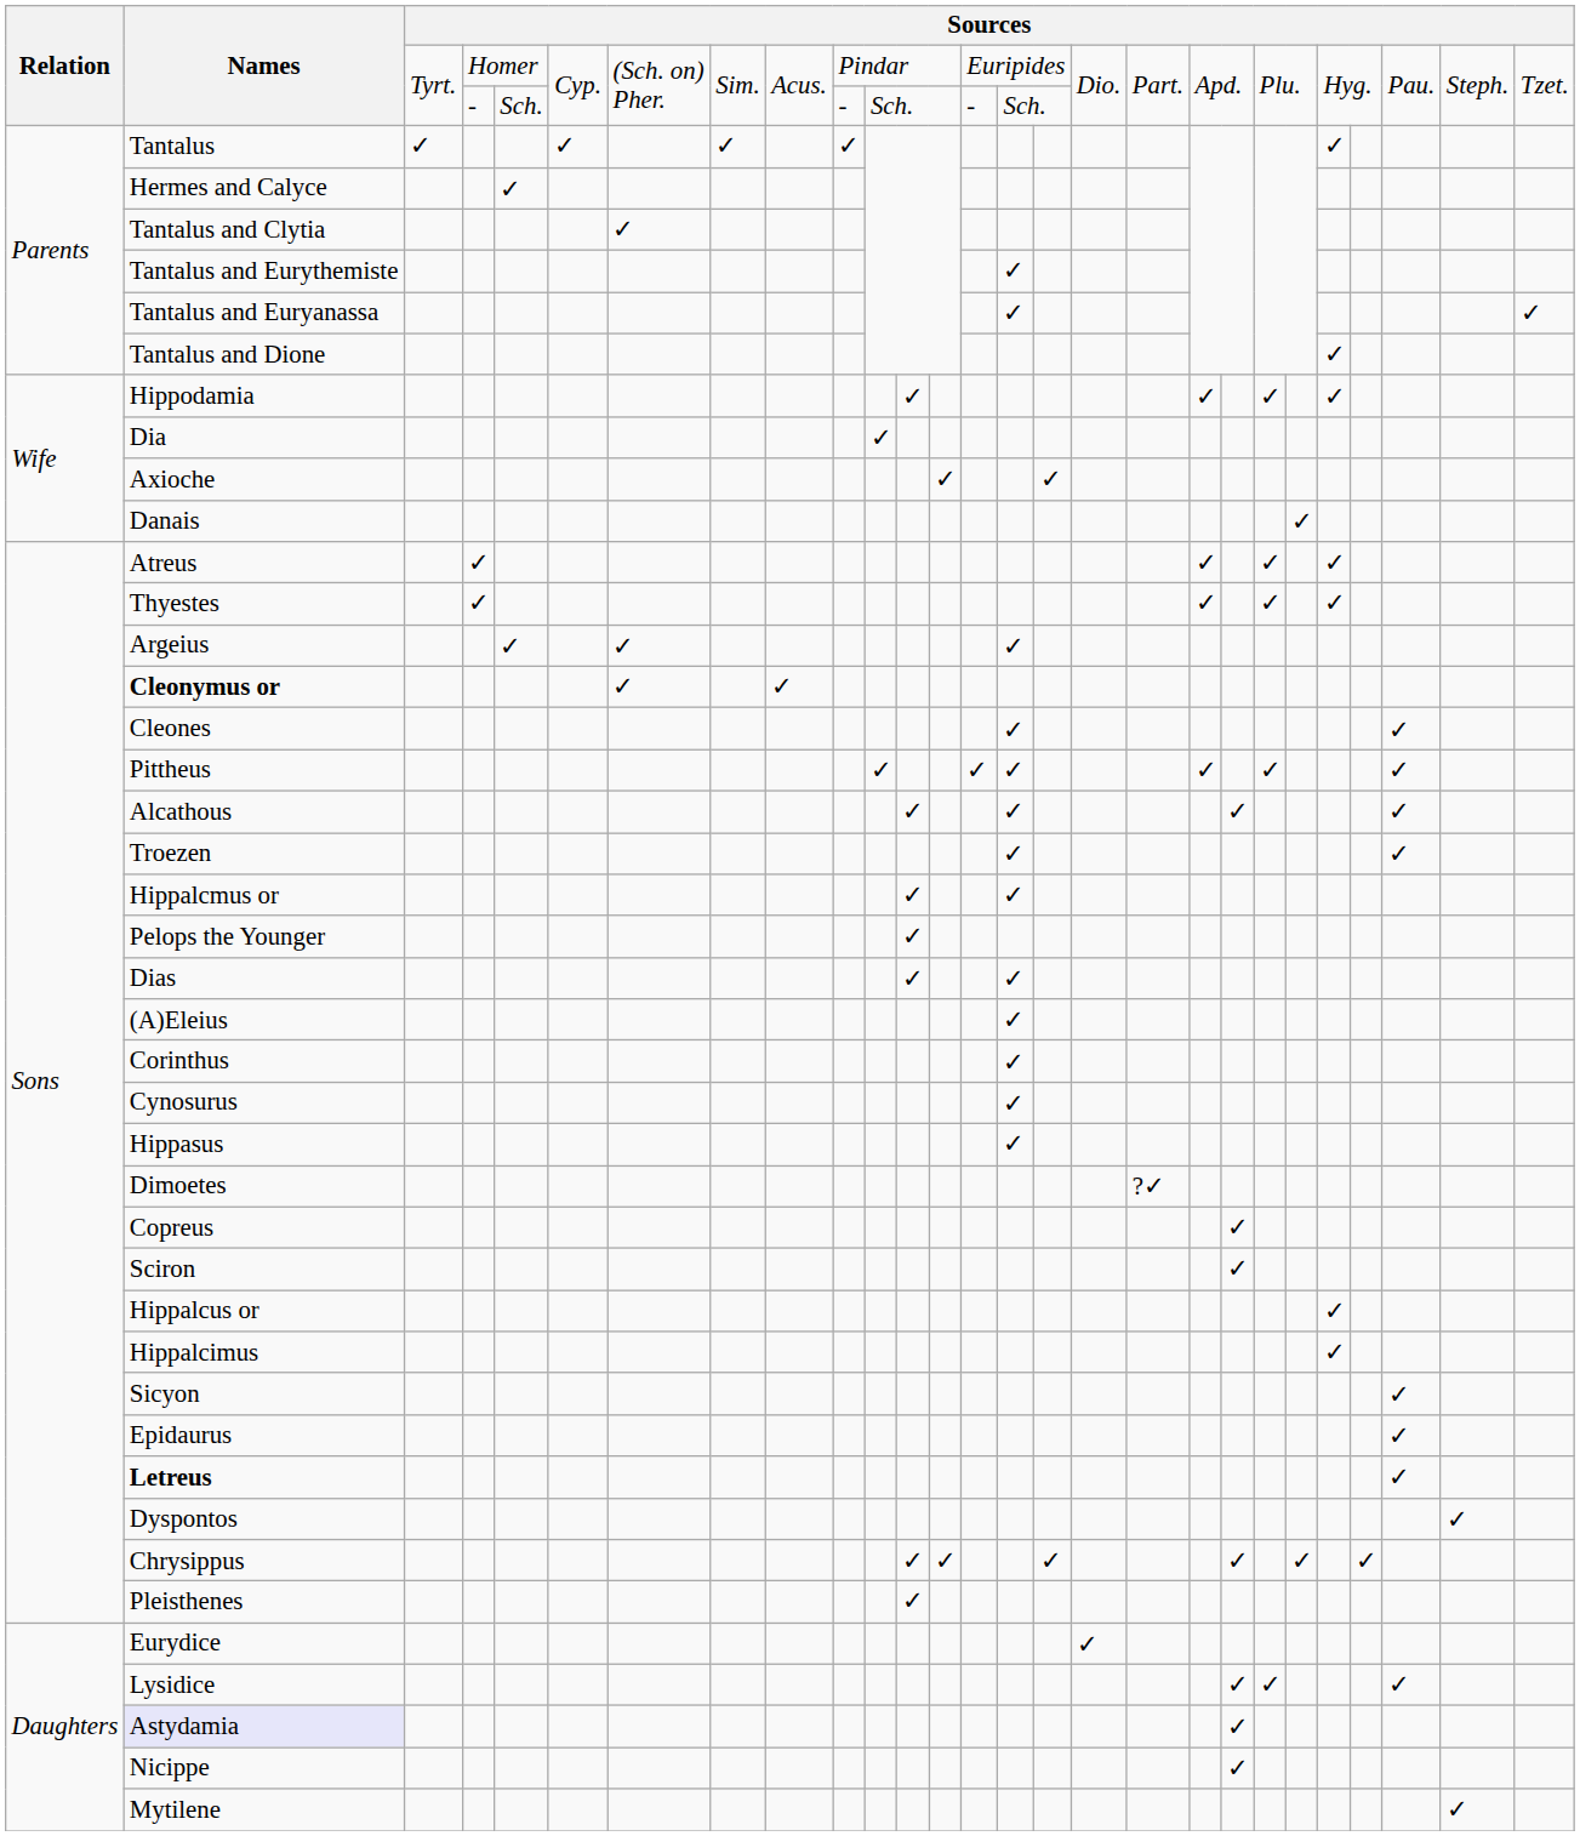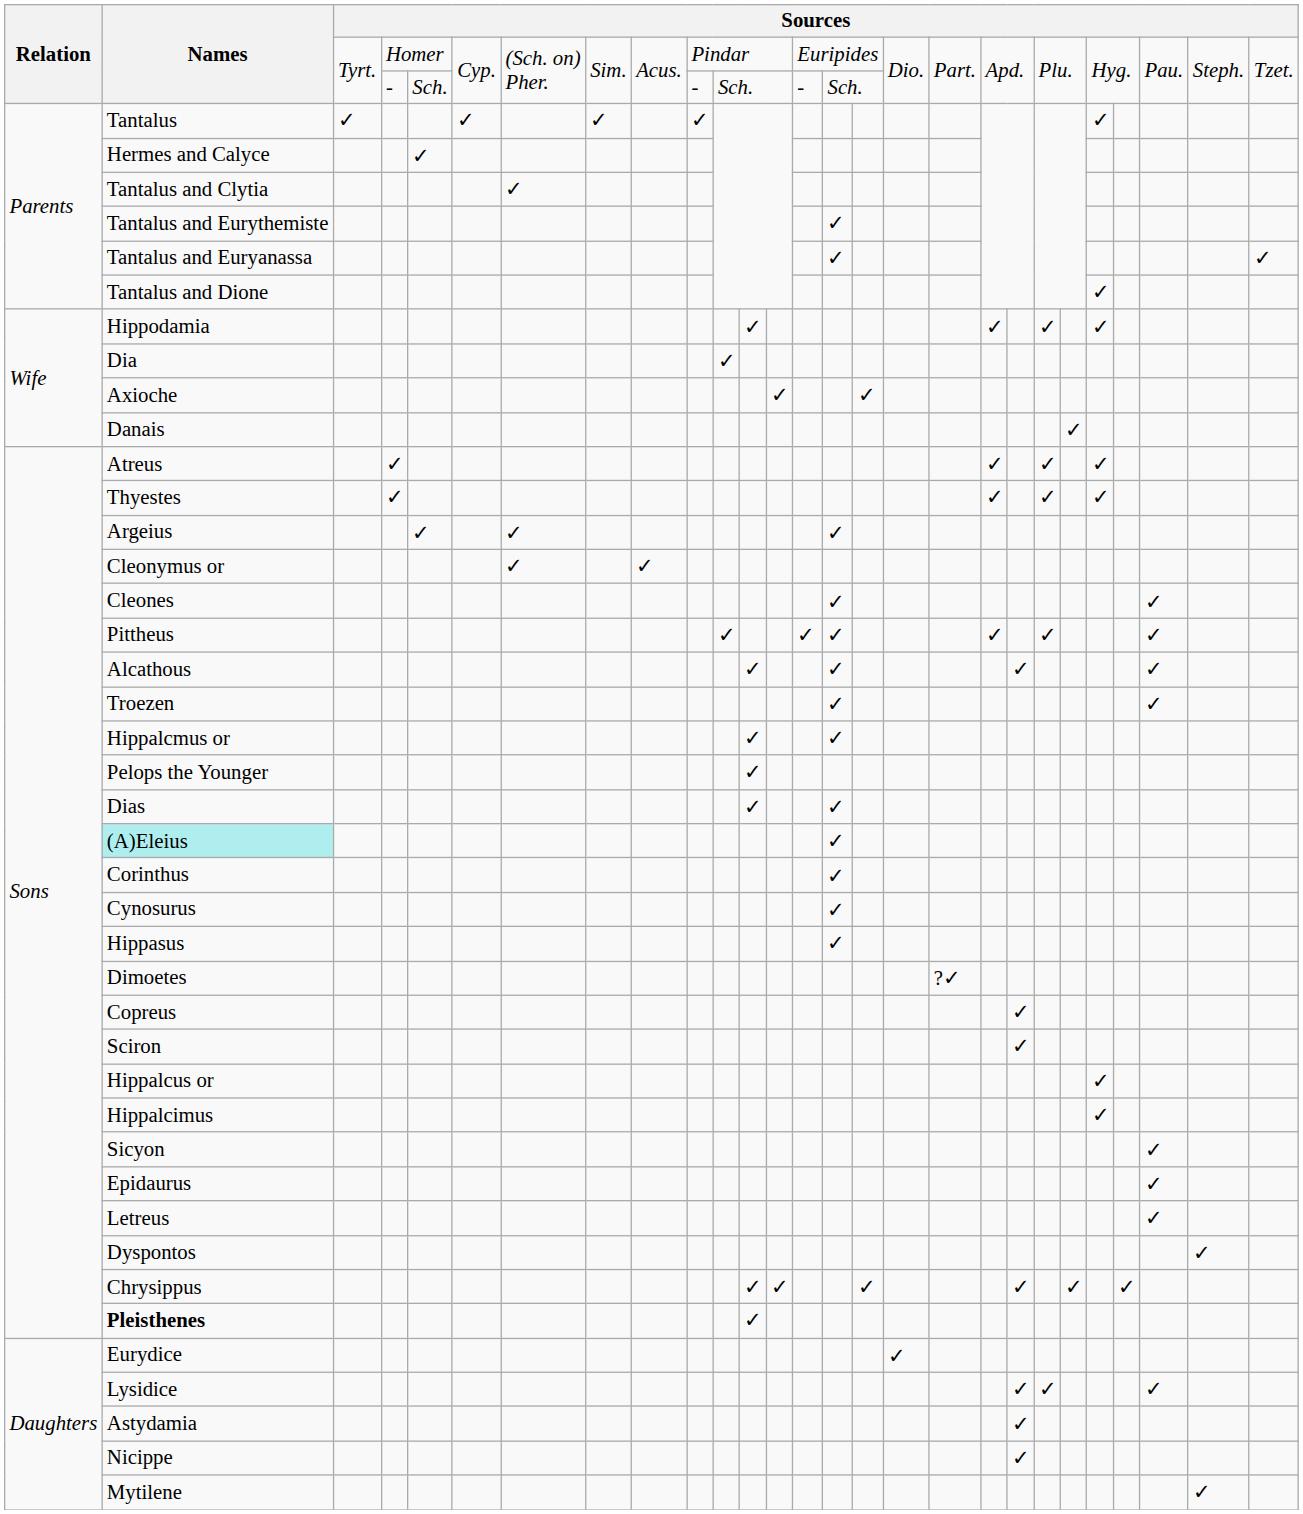 <table class="wikitable">
 <tr>
 <th rowspan="3"><strong>Relation</strong></th>
 <th rowspan="3">Names</th>
 <th colspan="25">Sources</th>
 </tr>
 <tr>
 <td rowspan="2"><em>Tyrt.</em></td>
 <td colspan="2"><em>Homer</em></td>
 <td rowspan="2"><em>Cyp.</em></td>
 <td rowspan="2"><em>(Sch. on)</em><br><em>Pher.</em></td>
 <td rowspan="2"><em>Sim.</em></td>
 <td rowspan="2"><em>Acus.</em></td>
 <td colspan="4"><em>Pindar</em></td>
 <td colspan="3"><em>Euripides</em></td>
 <td rowspan="2"><em>Dio.</em></td>
 <td rowspan="2"><em>Part.</em></td>
 <td colspan="2" rowspan="2"><em>Apd.</em></td>
 <td colspan="2" rowspan="2"><em>Plu.</em></td>
 <td colspan="2" rowspan="2"><em>Hyg.</em></td>
 <td rowspan="2"><em>Pau.</em></td>
 <td rowspan="2"><em>Steph.</em></td>
 <td rowspan="2"><em>Tzet.</em></td>
 </tr>
 <tr>
 <td><em>-</em></td>
 <td><em>Sch.</em></td>
 <td><em>-</em></td>
 <td colspan="3"><em>Sch.</em></td>
 <td><em>-</em></td>
 <td colspan="2"><em>Sch.</em></td>
 </tr>
 <tr>
 <td rowspan="6"><em>Parents</em></td>
 <td>Tantalus</td>
 <td>✓</td>
 <td></td>
 <td></td>
 <td>✓</td>
 <td></td>
 <td>✓</td>
 <td></td>
 <td>✓</td>
 <td colspan="3" rowspan="6"></td>
 <td></td>
 <td></td>
 <td></td>
 <td></td>
 <td></td>
 <td colspan="2" rowspan="6"></td>
 <td colspan="2" rowspan="6"></td>
 <td>✓</td>
 <td></td>
 <td></td>
 <td></td>
 <td></td>
 </tr>
 <tr>
 <td>Hermes and Calyce</td>
 <td></td>
 <td></td>
 <td>✓</td>
 <td></td>
 <td></td>
 <td></td>
 <td></td>
 <td></td>
 <td></td>
 <td></td>
 <td></td>
 <td></td>
 <td></td>
 <td></td>
 <td></td>
 <td></td>
 <td></td>
 <td></td>
 </tr>
 <tr>
 <td>Tantalus and Clytia</td>
 <td></td>
 <td></td>
 <td></td>
 <td></td>
 <td>✓</td>
 <td></td>
 <td></td>
 <td></td>
 <td></td>
 <td></td>
 <td></td>
 <td></td>
 <td></td>
 <td></td>
 <td></td>
 <td></td>
 <td></td>
 <td></td>
 </tr>
 <tr>
 <td>Tantalus and Eurythemiste</td>
 <td></td>
 <td></td>
 <td></td>
 <td></td>
 <td></td>
 <td></td>
 <td></td>
 <td></td>
 <td></td>
 <td>✓</td>
 <td></td>
 <td></td>
 <td></td>
 <td></td>
 <td></td>
 <td></td>
 <td></td>
 <td></td>
 </tr>
 <tr>
 <td>Tantalus and Euryanassa</td>
 <td></td>
 <td></td>
 <td></td>
 <td></td>
 <td></td>
 <td></td>
 <td></td>
 <td></td>
 <td></td>
 <td>✓</td>
 <td></td>
 <td></td>
 <td></td>
 <td></td>
 <td></td>
 <td></td>
 <td></td>
 <td>✓</td>
 </tr>
 <tr>
 <td>Tantalus and Dione</td>
 <td></td>
 <td></td>
 <td></td>
 <td></td>
 <td></td>
 <td></td>
 <td></td>
 <td></td>
 <td></td>
 <td></td>
 <td></td>
 <td></td>
 <td></td>
 <td>✓</td>
 <td></td>
 <td></td>
 <td></td>
 <td></td>
 </tr>
 <tr>
 <td rowspan="4"><em>Wife</em></td>
 <td>Hippodamia</td>
 <td></td>
 <td></td>
 <td></td>
 <td></td>
 <td></td>
 <td></td>
 <td></td>
 <td></td>
 <td></td>
 <td>✓</td>
 <td></td>
 <td></td>
 <td></td>
 <td></td>
 <td></td>
 <td></td>
 <td>✓</td>
 <td></td>
 <td>✓</td>
 <td></td>
 <td>✓</td>
 <td></td>
 <td></td>
 <td></td>
 <td></td>
 </tr>
 <tr>
 <td>Dia</td>
 <td></td>
 <td></td>
 <td></td>
 <td></td>
 <td></td>
 <td></td>
 <td></td>
 <td></td>
 <td>✓</td>
 <td></td>
 <td></td>
 <td></td>
 <td></td>
 <td></td>
 <td></td>
 <td></td>
 <td></td>
 <td></td>
 <td></td>
 <td></td>
 <td></td>
 <td></td>
 <td></td>
 <td></td>
 <td></td>
 </tr>
 <tr>
 <td>Axioche</td>
 <td></td>
 <td></td>
 <td></td>
 <td></td>
 <td></td>
 <td></td>
 <td></td>
 <td></td>
 <td></td>
 <td></td>
 <td>✓</td>
 <td></td>
 <td></td>
 <td>✓</td>
 <td></td>
 <td></td>
 <td></td>
 <td></td>
 <td></td>
 <td></td>
 <td></td>
 <td></td>
 <td></td>
 <td></td>
 <td></td>
 </tr>
 <tr>
 <td>Danais</td>
 <td></td>
 <td></td>
 <td></td>
 <td></td>
 <td></td>
 <td></td>
 <td></td>
 <td></td>
 <td></td>
 <td></td>
 <td></td>
 <td></td>
 <td></td>
 <td></td>
 <td></td>
 <td></td>
 <td></td>
 <td></td>
 <td></td>
 <td>✓</td>
 <td></td>
 <td></td>
 <td></td>
 <td></td>
 <td></td>
 </tr>
 <tr>
 <td rowspan="26"><em>Sons</em></td>
 <td>Atreus</td>
 <td></td>
 <td>✓</td>
 <td></td>
 <td></td>
 <td></td>
 <td></td>
 <td></td>
 <td></td>
 <td></td>
 <td></td>
 <td></td>
 <td></td>
 <td></td>
 <td></td>
 <td></td>
 <td></td>
 <td>✓</td>
 <td></td>
 <td>✓</td>
 <td></td>
 <td>✓</td>
 <td></td>
 <td></td>
 <td></td>
 <td></td>
 </tr>
 <tr>
 <td>Thyestes</td>
 <td></td>
 <td>✓</td>
 <td></td>
 <td></td>
 <td></td>
 <td></td>
 <td></td>
 <td></td>
 <td></td>
 <td></td>
 <td></td>
 <td></td>
 <td></td>
 <td></td>
 <td></td>
 <td></td>
 <td>✓</td>
 <td></td>
 <td>✓</td>
 <td></td>
 <td>✓</td>
 <td></td>
 <td></td>
 <td></td>
 <td></td>
 </tr>
 <tr>
 <td>Argeius</td>
 <td></td>
 <td></td>
 <td>✓</td>
 <td></td>
 <td>✓</td>
 <td></td>
 <td></td>
 <td></td>
 <td></td>
 <td></td>
 <td></td>
 <td></td>
 <td>✓</td>
 <td></td>
 <td></td>
 <td></td>
 <td></td>
 <td></td>
 <td></td>
 <td></td>
 <td></td>
 <td></td>
 <td></td>
 <td></td>
 <td></td>
 </tr>
 <tr>
-<td><strong>Cleonymus or</strong></td>
+<td>Cleonymus or</td>
 <td></td>
 <td></td>
 <td></td>
 <td></td>
 <td>✓</td>
 <td></td>
 <td>✓</td>
 <td></td>
 <td></td>
 <td></td>
 <td></td>
 <td></td>
 <td></td>
 <td></td>
 <td></td>
 <td></td>
 <td></td>
 <td></td>
 <td></td>
 <td></td>
 <td></td>
 <td></td>
 <td></td>
 <td></td>
 <td></td>
 </tr>
 <tr>
 <td>Cleones</td>
 <td></td>
 <td></td>
 <td></td>
 <td></td>
 <td></td>
 <td></td>
 <td></td>
 <td></td>
 <td></td>
 <td></td>
 <td></td>
 <td></td>
 <td>✓</td>
 <td></td>
 <td></td>
 <td></td>
 <td></td>
 <td></td>
 <td></td>
 <td></td>
 <td></td>
 <td></td>
 <td>✓</td>
 <td></td>
 <td></td>
 </tr>
 <tr>
 <td>Pittheus</td>
 <td></td>
 <td></td>
 <td></td>
 <td></td>
 <td></td>
 <td></td>
 <td></td>
 <td></td>
 <td>✓</td>
 <td></td>
 <td></td>
 <td>✓</td>
 <td>✓</td>
 <td></td>
 <td></td>
 <td></td>
 <td>✓</td>
 <td></td>
 <td>✓</td>
 <td></td>
 <td></td>
 <td></td>
 <td>✓</td>
 <td></td>
 <td></td>
 </tr>
 <tr>
 <td>Alcathous</td>
 <td></td>
 <td></td>
 <td></td>
 <td></td>
 <td></td>
 <td></td>
 <td></td>
 <td></td>
 <td></td>
 <td>✓</td>
 <td></td>
 <td></td>
 <td>✓</td>
 <td></td>
 <td></td>
 <td></td>
 <td></td>
 <td>✓</td>
 <td></td>
 <td></td>
 <td></td>
 <td></td>
 <td>✓</td>
 <td></td>
 <td></td>
 </tr>
 <tr>
 <td>Troezen</td>
 <td></td>
 <td></td>
 <td></td>
 <td></td>
 <td></td>
 <td></td>
 <td></td>
 <td></td>
 <td></td>
 <td></td>
 <td></td>
 <td></td>
 <td>✓</td>
 <td></td>
 <td></td>
 <td></td>
 <td></td>
 <td></td>
 <td></td>
 <td></td>
 <td></td>
 <td></td>
 <td>✓</td>
 <td></td>
 <td></td>
 </tr>
 <tr>
 <td>Hippalcmus or</td>
 <td></td>
 <td></td>
 <td></td>
 <td></td>
 <td></td>
 <td></td>
 <td></td>
 <td></td>
 <td></td>
 <td>✓</td>
 <td></td>
 <td></td>
 <td>✓</td>
 <td></td>
 <td></td>
 <td></td>
 <td></td>
 <td></td>
 <td></td>
 <td></td>
 <td></td>
 <td></td>
 <td></td>
 <td></td>
 <td></td>
 </tr>
 <tr>
 <td>Pelops the Younger</td>
 <td></td>
 <td></td>
 <td></td>
 <td></td>
 <td></td>
 <td></td>
 <td></td>
 <td></td>
 <td></td>
 <td>✓</td>
 <td></td>
 <td></td>
 <td></td>
 <td></td>
 <td></td>
 <td></td>
 <td></td>
 <td></td>
 <td></td>
 <td></td>
 <td></td>
 <td></td>
 <td></td>
 <td></td>
 <td></td>
 </tr>
 <tr>
 <td>Dias</td>
 <td></td>
 <td></td>
 <td></td>
 <td></td>
 <td></td>
 <td></td>
 <td></td>
 <td></td>
 <td></td>
 <td>✓</td>
 <td></td>
 <td></td>
 <td>✓</td>
 <td></td>
 <td></td>
 <td></td>
 <td></td>
 <td></td>
 <td></td>
 <td></td>
 <td></td>
 <td></td>
 <td></td>
 <td></td>
 <td></td>
 </tr>
 <tr>
-<td>(A)Eleius</td>
+<td style="background: paleturquoise;">(A)Eleius</td>
 <td></td>
 <td></td>
 <td></td>
 <td></td>
 <td></td>
 <td></td>
 <td></td>
 <td></td>
 <td></td>
 <td></td>
 <td></td>
 <td></td>
 <td>✓</td>
 <td></td>
 <td></td>
 <td></td>
 <td></td>
 <td></td>
 <td></td>
 <td></td>
 <td></td>
 <td></td>
 <td></td>
 <td></td>
 <td></td>
 </tr>
 <tr>
 <td>Corinthus</td>
 <td></td>
 <td></td>
 <td></td>
 <td></td>
 <td></td>
 <td></td>
 <td></td>
 <td></td>
 <td></td>
 <td></td>
 <td></td>
 <td></td>
 <td>✓</td>
 <td></td>
 <td></td>
 <td></td>
 <td></td>
 <td></td>
 <td></td>
 <td></td>
 <td></td>
 <td></td>
 <td></td>
 <td></td>
 <td></td>
 </tr>
 <tr>
 <td>Cynosurus</td>
 <td></td>
 <td></td>
 <td></td>
 <td></td>
 <td></td>
 <td></td>
 <td></td>
 <td></td>
 <td></td>
 <td></td>
 <td></td>
 <td></td>
 <td>✓</td>
 <td></td>
 <td></td>
 <td></td>
 <td></td>
 <td></td>
 <td></td>
 <td></td>
 <td></td>
 <td></td>
 <td></td>
 <td></td>
 <td></td>
 </tr>
 <tr>
 <td>Hippasus</td>
 <td></td>
 <td></td>
 <td></td>
 <td></td>
 <td></td>
 <td></td>
 <td></td>
 <td></td>
 <td></td>
 <td></td>
 <td></td>
 <td></td>
 <td>✓</td>
 <td></td>
 <td></td>
 <td></td>
 <td></td>
 <td></td>
 <td></td>
 <td></td>
 <td></td>
 <td></td>
 <td></td>
 <td></td>
 <td></td>
 </tr>
 <tr>
 <td>Dimoetes</td>
 <td></td>
 <td></td>
 <td></td>
 <td></td>
 <td></td>
 <td></td>
 <td></td>
 <td></td>
 <td></td>
 <td></td>
 <td></td>
 <td></td>
 <td></td>
 <td></td>
 <td></td>
 <td>?✓</td>
 <td></td>
 <td></td>
 <td></td>
 <td></td>
 <td></td>
 <td></td>
 <td></td>
 <td></td>
 <td></td>
 </tr>
 <tr>
 <td>Copreus</td>
 <td></td>
 <td></td>
 <td></td>
 <td></td>
 <td></td>
 <td></td>
 <td></td>
 <td></td>
 <td></td>
 <td></td>
 <td></td>
 <td></td>
 <td></td>
 <td></td>
 <td></td>
 <td></td>
 <td></td>
 <td>✓</td>
 <td></td>
 <td></td>
 <td></td>
 <td></td>
 <td></td>
 <td></td>
 <td></td>
 </tr>
 <tr>
 <td>Sciron</td>
 <td></td>
 <td></td>
 <td></td>
 <td></td>
 <td></td>
 <td></td>
 <td></td>
 <td></td>
 <td></td>
 <td></td>
 <td></td>
 <td></td>
 <td></td>
 <td></td>
 <td></td>
 <td></td>
 <td></td>
 <td>✓</td>
 <td></td>
 <td></td>
 <td></td>
 <td></td>
 <td></td>
 <td></td>
 <td></td>
 </tr>
 <tr>
 <td>Hippalcus or</td>
 <td></td>
 <td></td>
 <td></td>
 <td></td>
 <td></td>
 <td></td>
 <td></td>
 <td></td>
 <td></td>
 <td></td>
 <td></td>
 <td></td>
 <td></td>
 <td></td>
 <td></td>
 <td></td>
 <td></td>
 <td></td>
 <td></td>
 <td></td>
 <td>✓</td>
 <td></td>
 <td></td>
 <td></td>
 <td></td>
 </tr>
 <tr>
 <td>Hippalcimus</td>
 <td></td>
 <td></td>
 <td></td>
 <td></td>
 <td></td>
 <td></td>
 <td></td>
 <td></td>
 <td></td>
 <td></td>
 <td></td>
 <td></td>
 <td></td>
 <td></td>
 <td></td>
 <td></td>
 <td></td>
 <td></td>
 <td></td>
 <td></td>
 <td>✓</td>
 <td></td>
 <td></td>
 <td></td>
 <td></td>
 </tr>
 <tr>
 <td>Sicyon</td>
 <td></td>
 <td></td>
 <td></td>
 <td></td>
 <td></td>
 <td></td>
 <td></td>
 <td></td>
 <td></td>
 <td></td>
 <td></td>
 <td></td>
 <td></td>
 <td></td>
 <td></td>
 <td></td>
 <td></td>
 <td></td>
 <td></td>
 <td></td>
 <td></td>
 <td></td>
 <td>✓</td>
 <td></td>
 <td></td>
 </tr>
 <tr>
 <td>Epidaurus</td>
 <td></td>
 <td></td>
 <td></td>
 <td></td>
 <td></td>
 <td></td>
 <td></td>
 <td></td>
 <td></td>
 <td></td>
 <td></td>
 <td></td>
 <td></td>
 <td></td>
 <td></td>
 <td></td>
 <td></td>
 <td></td>
 <td></td>
 <td></td>
 <td></td>
 <td></td>
 <td>✓</td>
 <td></td>
 <td></td>
 </tr>
 <tr>
-<td><strong>Letreus</strong></td>
+<td>Letreus</td>
 <td></td>
 <td></td>
 <td></td>
 <td></td>
 <td></td>
 <td></td>
 <td></td>
 <td></td>
 <td></td>
 <td></td>
 <td></td>
 <td></td>
 <td></td>
 <td></td>
 <td></td>
 <td></td>
 <td></td>
 <td></td>
 <td></td>
 <td></td>
 <td></td>
 <td></td>
 <td>✓</td>
 <td></td>
 <td></td>
 </tr>
 <tr>
 <td>Dyspontos</td>
 <td></td>
 <td></td>
 <td></td>
 <td></td>
 <td></td>
 <td></td>
 <td></td>
 <td></td>
 <td></td>
 <td></td>
 <td></td>
 <td></td>
 <td></td>
 <td></td>
 <td></td>
 <td></td>
 <td></td>
 <td></td>
 <td></td>
 <td></td>
 <td></td>
 <td></td>
 <td></td>
 <td>✓</td>
 <td></td>
 </tr>
 <tr>
 <td>Chrysippus</td>
 <td></td>
 <td></td>
 <td></td>
 <td></td>
 <td></td>
 <td></td>
 <td></td>
 <td></td>
 <td></td>
 <td>✓</td>
 <td>✓</td>
 <td></td>
 <td></td>
 <td>✓</td>
 <td></td>
 <td></td>
 <td></td>
 <td>✓</td>
 <td></td>
 <td>✓</td>
 <td></td>
 <td>✓</td>
 <td></td>
 <td></td>
 <td></td>
 </tr>
 <tr>
-<td>Pleisthenes</td>
+<td><strong>Pleisthenes</strong></td>
 <td></td>
 <td></td>
 <td></td>
 <td></td>
 <td></td>
 <td></td>
 <td></td>
 <td></td>
 <td></td>
 <td>✓</td>
 <td></td>
 <td></td>
 <td></td>
 <td></td>
 <td></td>
 <td></td>
 <td></td>
 <td></td>
 <td></td>
 <td></td>
 <td></td>
 <td></td>
 <td></td>
 <td></td>
 <td></td>
 </tr>
 <tr>
 <td rowspan="5"><em>Daughters</em></td>
 <td>Eurydice</td>
 <td></td>
 <td></td>
 <td></td>
 <td></td>
 <td></td>
 <td></td>
 <td></td>
 <td></td>
 <td></td>
 <td></td>
 <td></td>
 <td></td>
 <td></td>
 <td></td>
 <td>✓</td>
 <td></td>
 <td></td>
 <td></td>
 <td></td>
 <td></td>
 <td></td>
 <td></td>
 <td></td>
 <td></td>
 <td></td>
 </tr>
 <tr>
 <td>Lysidice</td>
 <td></td>
 <td></td>
 <td></td>
 <td></td>
 <td></td>
 <td></td>
 <td></td>
 <td></td>
 <td></td>
 <td></td>
 <td></td>
 <td></td>
 <td></td>
 <td></td>
 <td></td>
 <td></td>
 <td></td>
 <td>✓</td>
 <td>✓</td>
 <td></td>
 <td></td>
 <td></td>
 <td>✓</td>
 <td></td>
 <td></td>
 </tr>
 <tr>
-<td style="background: lavender;">Astydamia</td>
+<td>Astydamia</td>
 <td></td>
 <td></td>
 <td></td>
 <td></td>
 <td></td>
 <td></td>
 <td></td>
 <td></td>
 <td></td>
 <td></td>
 <td></td>
 <td></td>
 <td></td>
 <td></td>
 <td></td>
 <td></td>
 <td></td>
 <td>✓</td>
 <td></td>
 <td></td>
 <td></td>
 <td></td>
 <td></td>
 <td></td>
 <td></td>
 </tr>
 <tr>
 <td>Nicippe</td>
 <td></td>
 <td></td>
 <td></td>
 <td></td>
 <td></td>
 <td></td>
 <td></td>
 <td></td>
 <td></td>
 <td></td>
 <td></td>
 <td></td>
 <td></td>
 <td></td>
 <td></td>
 <td></td>
 <td></td>
 <td>✓</td>
 <td></td>
 <td></td>
 <td></td>
 <td></td>
 <td></td>
 <td></td>
 <td></td>
 </tr>
 <tr>
 <td>Mytilene</td>
 <td></td>
 <td></td>
 <td></td>
 <td></td>
 <td></td>
 <td></td>
 <td></td>
 <td></td>
 <td></td>
 <td></td>
 <td></td>
 <td></td>
 <td></td>
 <td></td>
 <td></td>
 <td></td>
 <td></td>
 <td></td>
 <td></td>
 <td></td>
 <td></td>
 <td></td>
 <td></td>
 <td>✓</td>
 <td></td>
 </tr>
 </table>
